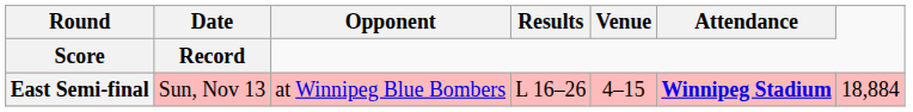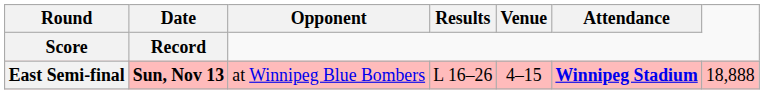 <table class="wikitable" style="text-align:center">
 <tr>
 <th>Round</th>
 <th>Date</th>
 <th>Opponent</th>
 <th>Results</th>
 <th>Venue</th>
 <th>Attendance</th>
 </tr>
 <tr>
 <th>Score</th>
 <th>Record</th>
 </tr>
 <tr style="background:#ffbbbb">
 <th>East Semi-final</th>
-<td>Sun, Nov 13</td>
+<td><strong>Sun, Nov 13</strong></td>
 <td>at <a href='#'>Winnipeg Blue Bombers</a></td>
 <td>L 16–26</td>
 <td>4–15</td>
 <td><strong><a href='#'>Winnipeg Stadium</a></strong></td>
-<td>18,884</td>
+<td>18,888</td>
 </tr>
 </table>
